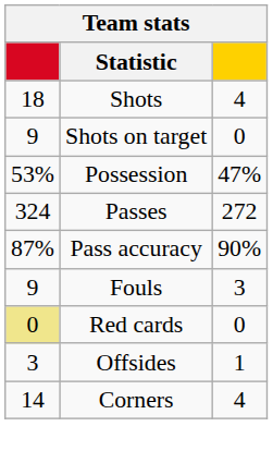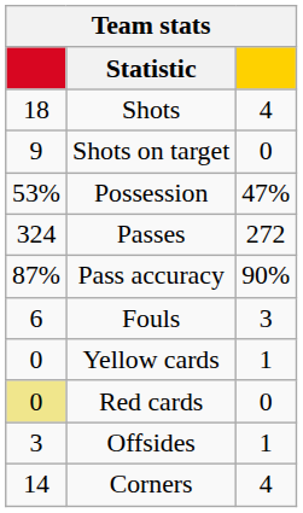 <table class="wikitable" style="margin-left: auto; margin-right: auto; border: none; text-align:center;">
 <tr>
 <th colspan=3>Team stats</th>
 </tr>
 <tr>
 <th style="background: #D80621; color: #FFFFFF;"> <a href='#'></a></th>
 <th>Statistic</th>
 <th style="background: #FED100; color: #000000;"> <a href='#'></a></th>
 </tr>
 <tr>
 <td>18</td>
 <td>Shots</td>
 <td>4</td>
 </tr>
 <tr>
 <td>9</td>
 <td>Shots on target</td>
 <td>0</td>
 </tr>
 <tr>
 <td>53%</td>
 <td>Possession</td>
 <td>47%</td>
 </tr>
 <tr>
 <td>324</td>
 <td>Passes</td>
 <td>272</td>
 </tr>
 <tr>
 <td>87%</td>
 <td>Pass accuracy</td>
 <td>90%</td>
 </tr>
 <tr>
-<td>9</td>
+<td>6</td>
 <td>Fouls</td>
 <td>3</td>
+</tr>
+<tr>
+<td>0</td>
+<td>Yellow cards</td>
+<td>1</td>
 </tr>
 <tr>
 <td style="background: khaki;">0</td>
 <td>Red cards</td>
 <td>0</td>
 </tr>
 <tr>
 <td>3</td>
 <td>Offsides</td>
 <td>1</td>
 </tr>
 <tr>
 <td>14</td>
 <td>Corners</td>
 <td>4</td>
 </tr>
 </table>
